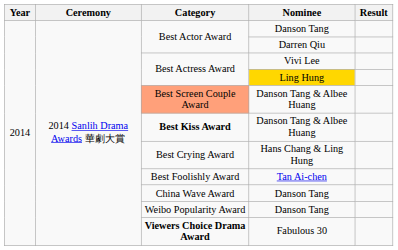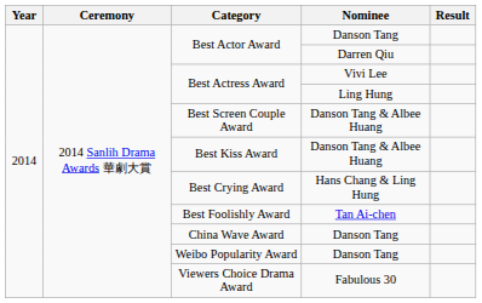 <table class="wikitable">
 <tr>
 <th style="width:50px;">Year</th>
 <th style="width:240px;">Ceremony</th>
 <th style="width:250px;">Category</th>
 <th style="width:250px;">Nominee</th>
 <th style="width:60px;">Result</th>
 </tr>
 <tr>
 <td align="center" rowspan=11>2014</td>
 <td align="center" rowspan=11>2014 <a href='#'>Sanlih Drama Awards</a> 華劇大賞<br></td>
 <td rowspan=2 align="center">Best Actor Award</td>
 <td align="center">Danson Tang</td>
 <td></td>
 </tr>
 <tr>
 <td align="center">Darren Qiu</td>
 <td></td>
 </tr>
 <tr>
 <td rowspan=2 align="center">Best Actress Award</td>
 <td align="center">Vivi Lee</td>
 <td></td>
 </tr>
 <tr>
-<td align="center" style="background: gold;">Ling Hung</td>
+<td align="center">Ling Hung</td>
 <td></td>
 </tr>
 <tr>
-<td align="center" style="background: lightsalmon;">Best Screen Couple Award</td>
+<td align="center">Best Screen Couple Award</td>
 <td align="center">Danson Tang & Albee Huang</td>
 <td></td>
 </tr>
 <tr>
-<td align="center"><strong>Best Kiss Award</strong></td>
+<td align="center">Best Kiss Award</td>
 <td align="center">Danson Tang & Albee Huang</td>
 <td></td>
 </tr>
 <tr>
 <td align="center">Best Crying Award</td>
 <td align="center">Hans Chang & Ling Hung</td>
 <td></td>
 </tr>
 <tr>
 <td align="center">Best Foolishly Award</td>
 <td align="center"><a href='#'>Tan Ai-chen</a></td>
 <td></td>
 </tr>
 <tr>
 <td align="center">China Wave Award</td>
 <td align="center">Danson Tang</td>
 <td></td>
 </tr>
 <tr>
 <td align="center">Weibo Popularity Award</td>
 <td align="center">Danson Tang</td>
 <td></td>
 </tr>
 <tr>
-<td align="center"><strong>Viewers Choice Drama Award</strong></td>
+<td align="center">Viewers Choice Drama Award</td>
 <td align="center">Fabulous 30</td>
 <td></td>
 </tr>
 </table>
